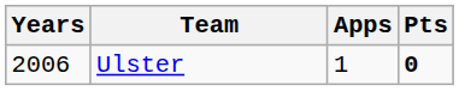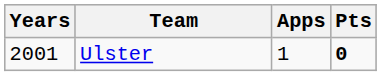 <table class="wikitable" style="text-align:left;">
 <tr>
 <th>Years</th>
 <th width=120px>Team</th>
 <th>Apps</th>
 <th>Pts</th>
 </tr>
 <tr>
-<td>2006</td>
+<td>2001</td>
 <td><a href='#'>Ulster</a></td>
 <td>1</td>
 <td><strong>0</strong></td>
 </tr>
 </table>
